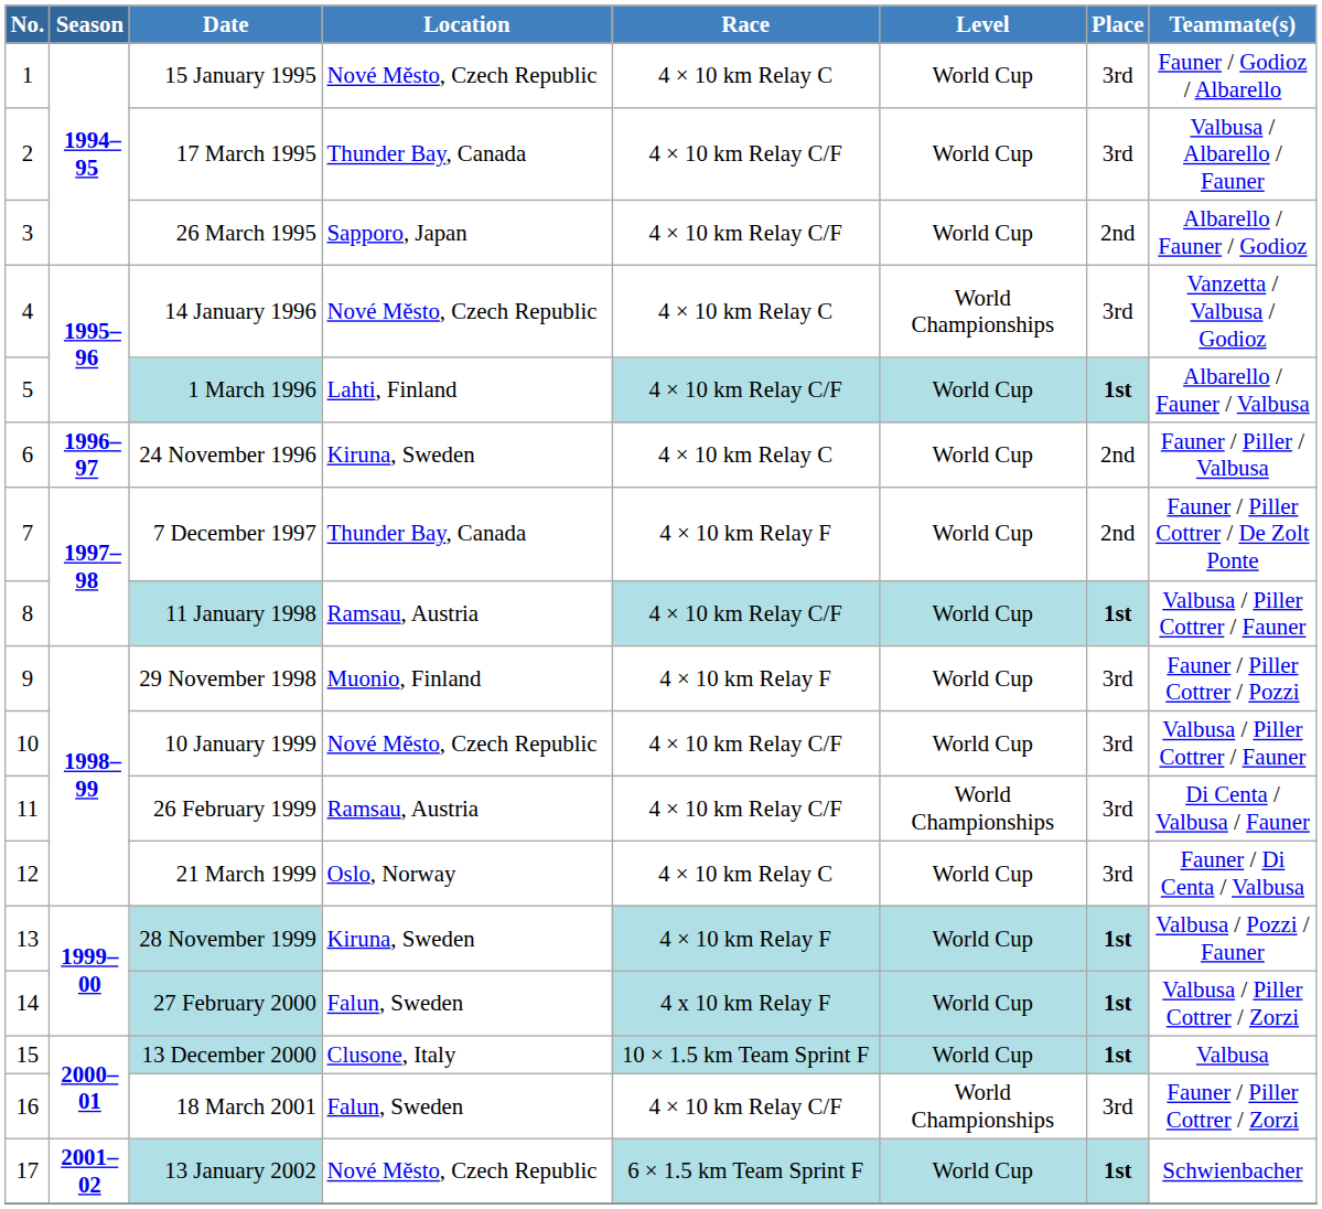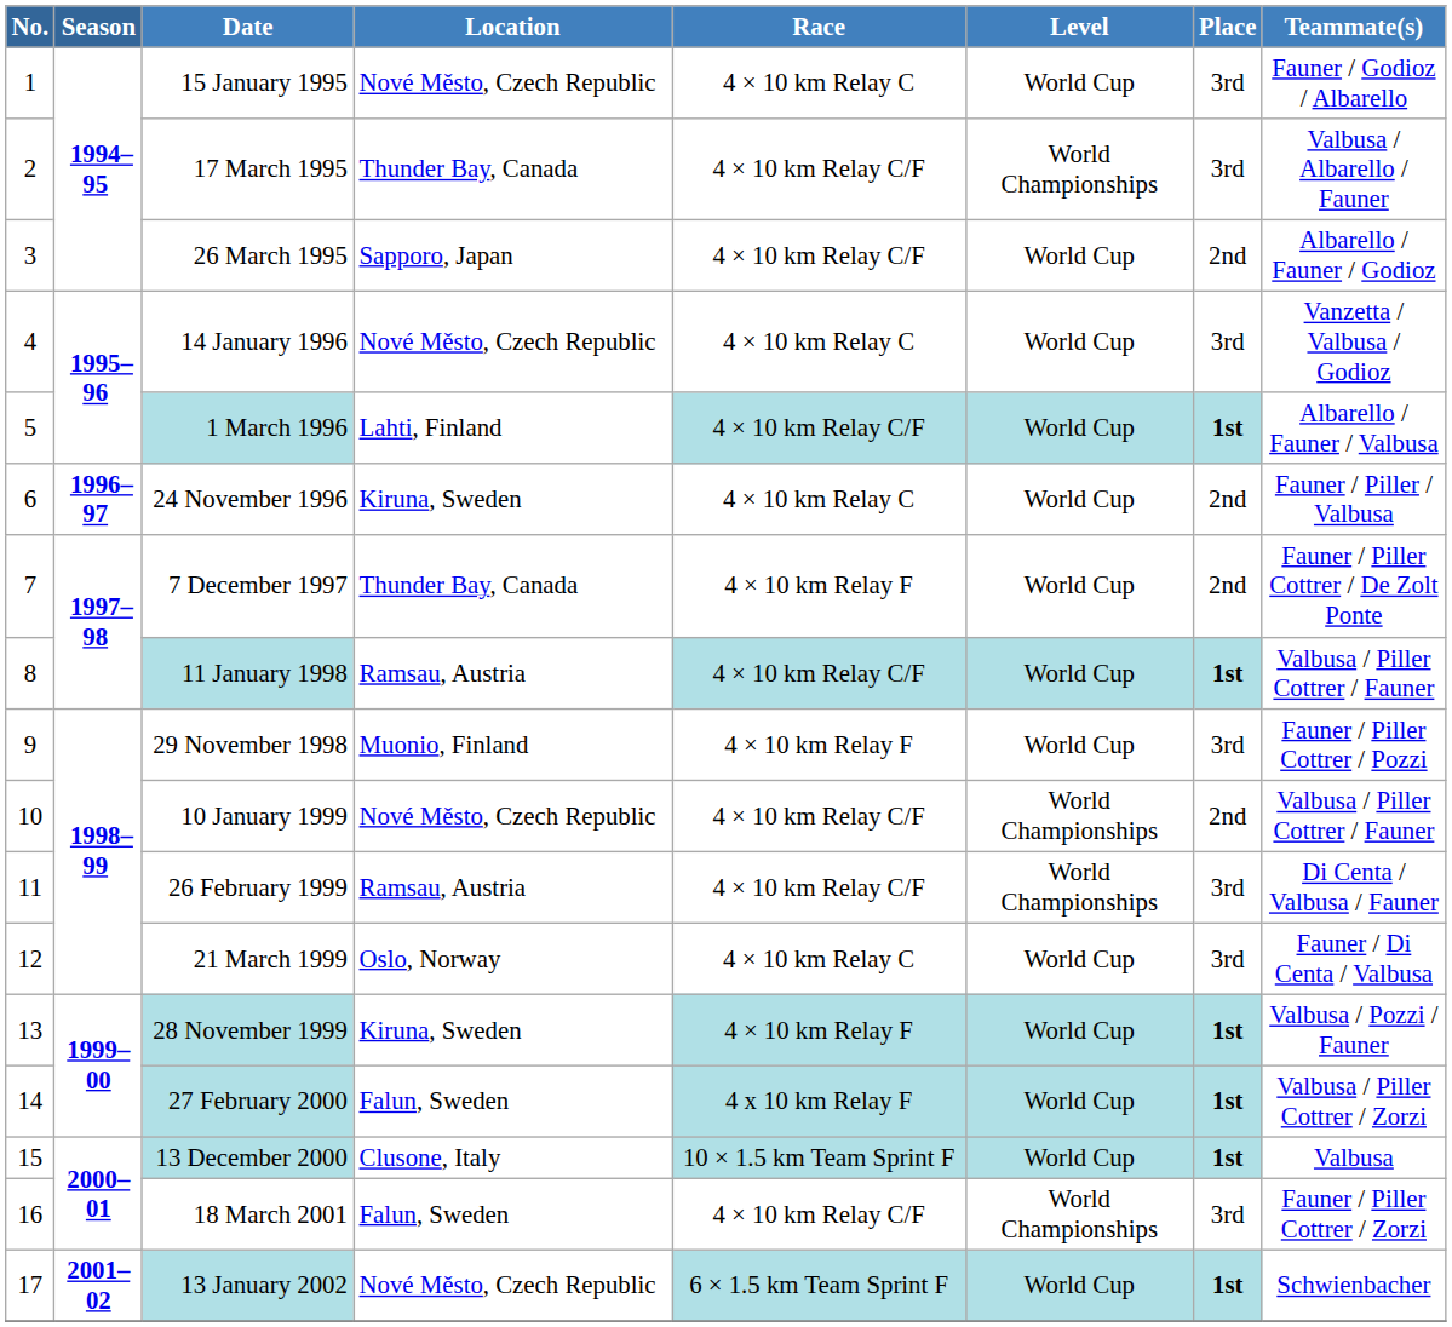 <table class="wikitable sortable" style="font-size:95%; text-align:center; border:grey solid 1px; border-collapse:collapse; background:#ffffff;">
 <tr style="background:#efefef;">
 <th style="background-color:#369; color:white;">No.</th>
 <th style="background-color:#369; color:white;">Season</th>
 <th style="background-color:#4180be; color:white; width:120px;">Date</th>
 <th style="background-color:#4180be; color:white; width:185px;">Location</th>
 <th style="background-color:#4180be; color:white; width:170px;">Race</th>
 <th style="background-color:#4180be; color:white; width:130px;">Level</th>
 <th style="background-color:#4180be; color:white;">Place</th>
 <th style="background-color:#4180be; color:white;">Teammate(s)</th>
 </tr>
 <tr>
 <td align=center>1</td>
 <td rowspan=3 align=center><strong> <a href='#'>1994–95</a> </strong></td>
 <td align=right>15 January 1995</td>
 <td align=left> <a href='#'>Nové Město</a>, Czech Republic</td>
 <td>4 × 10 km Relay C</td>
 <td>World Cup</td>
 <td>3rd</td>
 <td><a href='#'>Fauner</a> / <a href='#'>Godioz</a> / <a href='#'>Albarello</a></td>
 </tr>
 <tr>
 <td align=center>2</td>
 <td align=right>17 March 1995</td>
 <td align=left> <a href='#'>Thunder Bay</a>, Canada</td>
 <td>4 × 10 km Relay C/F</td>
-<td>World Cup</td>
+<td>World Championships</td>
 <td>3rd</td>
 <td><a href='#'>Valbusa</a> / <a href='#'>Albarello</a> / <a href='#'>Fauner</a></td>
 </tr>
 <tr>
 <td align=center>3</td>
 <td align=right>26 March 1995</td>
 <td align=left> <a href='#'>Sapporo</a>, Japan</td>
 <td>4 × 10 km Relay C/F</td>
 <td>World Cup</td>
 <td>2nd</td>
 <td><a href='#'>Albarello</a> / <a href='#'>Fauner</a> / <a href='#'>Godioz</a></td>
 </tr>
 <tr>
 <td align=center>4</td>
 <td rowspan=2 align=center><strong> <a href='#'>1995–96</a> </strong></td>
 <td align=right>14 January 1996</td>
 <td align=left> <a href='#'>Nové Město</a>, Czech Republic</td>
 <td>4 × 10 km Relay C</td>
-<td>World Championships</td>
+<td>World Cup</td>
 <td>3rd</td>
 <td><a href='#'>Vanzetta</a> / <a href='#'>Valbusa</a> / <a href='#'>Godioz</a></td>
 </tr>
 <tr>
 <td align=center>5</td>
 <td bgcolor="#BOEOE6" align=right>1 March 1996</td>
 <td align=left> <a href='#'>Lahti</a>, Finland</td>
 <td bgcolor="#BOEOE6">4 × 10 km Relay C/F</td>
 <td bgcolor="#BOEOE6">World Cup</td>
 <td bgcolor="#BOEOE6"><strong>1st</strong></td>
 <td><a href='#'>Albarello</a> / <a href='#'>Fauner</a> / <a href='#'>Valbusa</a></td>
 </tr>
 <tr>
 <td align=center>6</td>
 <td rowspan=1 align=center><strong> <a href='#'>1996–97</a> </strong></td>
 <td align=right>24 November 1996</td>
 <td align=left> <a href='#'>Kiruna</a>, Sweden</td>
 <td>4 × 10 km Relay C</td>
 <td>World Cup</td>
 <td>2nd</td>
 <td><a href='#'>Fauner</a> / <a href='#'>Piller</a> / <a href='#'>Valbusa</a></td>
 </tr>
 <tr>
 <td align=center>7</td>
 <td rowspan=2 align=center><strong> <a href='#'>1997–98</a> </strong></td>
 <td align=right>7 December 1997</td>
 <td align=left> <a href='#'>Thunder Bay</a>, Canada</td>
 <td>4 × 10 km Relay F</td>
 <td>World Cup</td>
 <td>2nd</td>
 <td><a href='#'>Fauner</a> / <a href='#'>Piller Cottrer</a> / <a href='#'>De Zolt Ponte</a></td>
 </tr>
 <tr>
 <td align=center>8</td>
 <td bgcolor="#BOEOE6" align=right>11 January 1998</td>
 <td align=left> <a href='#'>Ramsau</a>, Austria</td>
 <td bgcolor="#BOEOE6">4 × 10 km Relay C/F</td>
 <td bgcolor="#BOEOE6">World Cup</td>
 <td bgcolor="#BOEOE6"><strong>1st</strong></td>
 <td><a href='#'>Valbusa</a> / <a href='#'>Piller Cottrer</a> / <a href='#'>Fauner</a></td>
 </tr>
 <tr>
 <td align=center>9</td>
 <td rowspan=4 align=center><strong> <a href='#'>1998–99</a> </strong></td>
 <td align=right>29 November 1998</td>
 <td align=left> <a href='#'>Muonio</a>, Finland</td>
 <td>4 × 10 km Relay F</td>
 <td>World Cup</td>
 <td>3rd</td>
 <td><a href='#'>Fauner</a> / <a href='#'>Piller Cottrer</a> / <a href='#'>Pozzi</a></td>
 </tr>
 <tr>
 <td align=center>10</td>
 <td align=right>10 January 1999</td>
 <td align=left> <a href='#'>Nové Město</a>, Czech Republic</td>
 <td>4 × 10 km Relay C/F</td>
-<td>World Cup</td>
-<td>3rd</td>
+<td>World Championships</td>
+<td>2nd</td>
 <td><a href='#'>Valbusa</a> / <a href='#'>Piller Cottrer</a> / <a href='#'>Fauner</a></td>
 </tr>
 <tr>
 <td align=center>11</td>
 <td align=right>26 February 1999</td>
 <td align=left> <a href='#'>Ramsau</a>, Austria</td>
 <td>4 × 10 km Relay C/F</td>
 <td>World Championships</td>
 <td>3rd</td>
 <td><a href='#'>Di Centa</a> / <a href='#'>Valbusa</a> / <a href='#'>Fauner</a></td>
 </tr>
 <tr>
 <td align=center>12</td>
 <td align=right>21 March 1999</td>
 <td align=left> <a href='#'>Oslo</a>, Norway</td>
 <td>4 × 10 km Relay C</td>
 <td>World Cup</td>
 <td>3rd</td>
 <td><a href='#'>Fauner</a> / <a href='#'>Di Centa</a> / <a href='#'>Valbusa</a></td>
 </tr>
 <tr>
 <td align=center>13</td>
 <td rowspan=2 align=center><strong><a href='#'>1999–00</a></strong></td>
 <td bgcolor="#BOEOE6" align=right>28 November 1999</td>
 <td align=left> <a href='#'>Kiruna</a>, Sweden</td>
 <td bgcolor="#BOEOE6">4 × 10 km Relay F</td>
 <td bgcolor="#BOEOE6">World Cup</td>
 <td bgcolor="#BOEOE6"><strong>1st</strong></td>
 <td><a href='#'>Valbusa</a> / <a href='#'>Pozzi</a> / <a href='#'>Fauner</a></td>
 </tr>
 <tr>
 <td align=center>14</td>
 <td bgcolor="#BOEOE6" align=right>27 February 2000</td>
 <td align=left> <a href='#'>Falun</a>, Sweden</td>
 <td bgcolor="#BOEOE6">4 x 10 km Relay F</td>
 <td bgcolor="#BOEOE6">World Cup</td>
 <td bgcolor="#BOEOE6"><strong>1st</strong></td>
 <td><a href='#'>Valbusa</a> / <a href='#'>Piller Cottrer</a> / <a href='#'>Zorzi</a></td>
 </tr>
 <tr>
 <td align=center>15</td>
 <td rowspan=2 align=center><strong><a href='#'>2000–01</a></strong></td>
 <td bgcolor="#BOEOE6" align=right>13 December 2000</td>
 <td align=left> <a href='#'>Clusone</a>, Italy</td>
 <td bgcolor="#BOEOE6">10 × 1.5 km Team Sprint F</td>
 <td bgcolor="#BOEOE6">World Cup</td>
 <td bgcolor="#BOEOE6"><strong>1st</strong></td>
 <td><a href='#'>Valbusa</a></td>
 </tr>
 <tr>
 <td align=center>16</td>
 <td align=right>18 March 2001</td>
 <td align=left> <a href='#'>Falun</a>, Sweden</td>
 <td>4 × 10 km Relay C/F</td>
 <td>World Championships</td>
 <td>3rd</td>
 <td><a href='#'>Fauner</a> / <a href='#'>Piller Cottrer</a> / <a href='#'>Zorzi</a></td>
 </tr>
 <tr>
 <td align=center>17</td>
 <td rowspan=1 align=center><strong><a href='#'>2001–02</a></strong></td>
 <td bgcolor="#BOEOE6" align=right>13 January 2002</td>
 <td align=left> <a href='#'>Nové Město</a>, Czech Republic</td>
 <td bgcolor="#BOEOE6">6 × 1.5 km Team Sprint F</td>
 <td bgcolor="#BOEOE6">World Cup</td>
 <td bgcolor="#BOEOE6"><strong>1st</strong></td>
 <td><a href='#'>Schwienbacher</a></td>
 </tr>
 <tr>
 </tr>
 </table>
